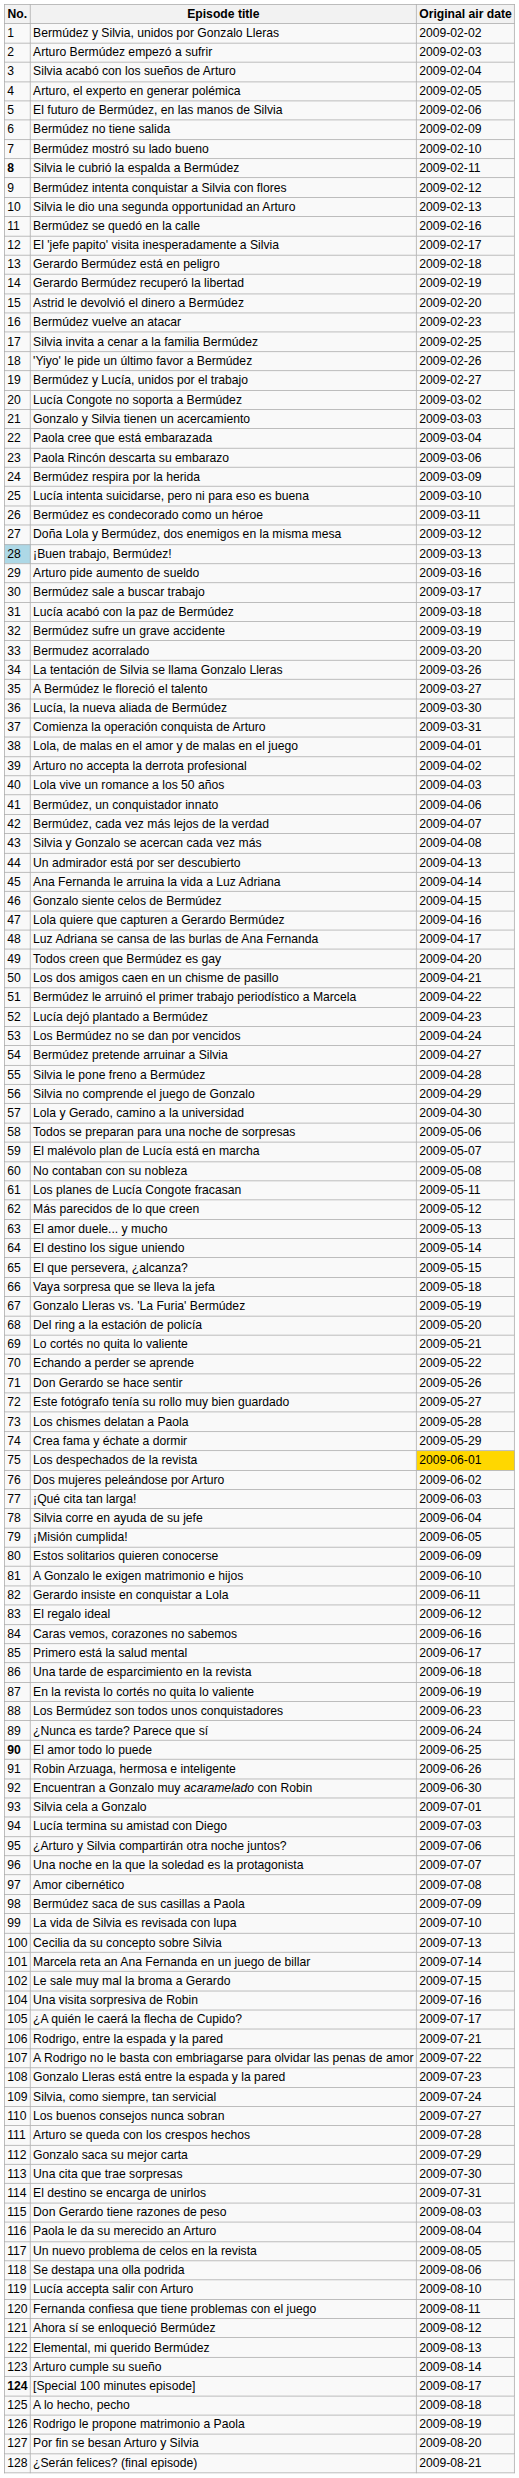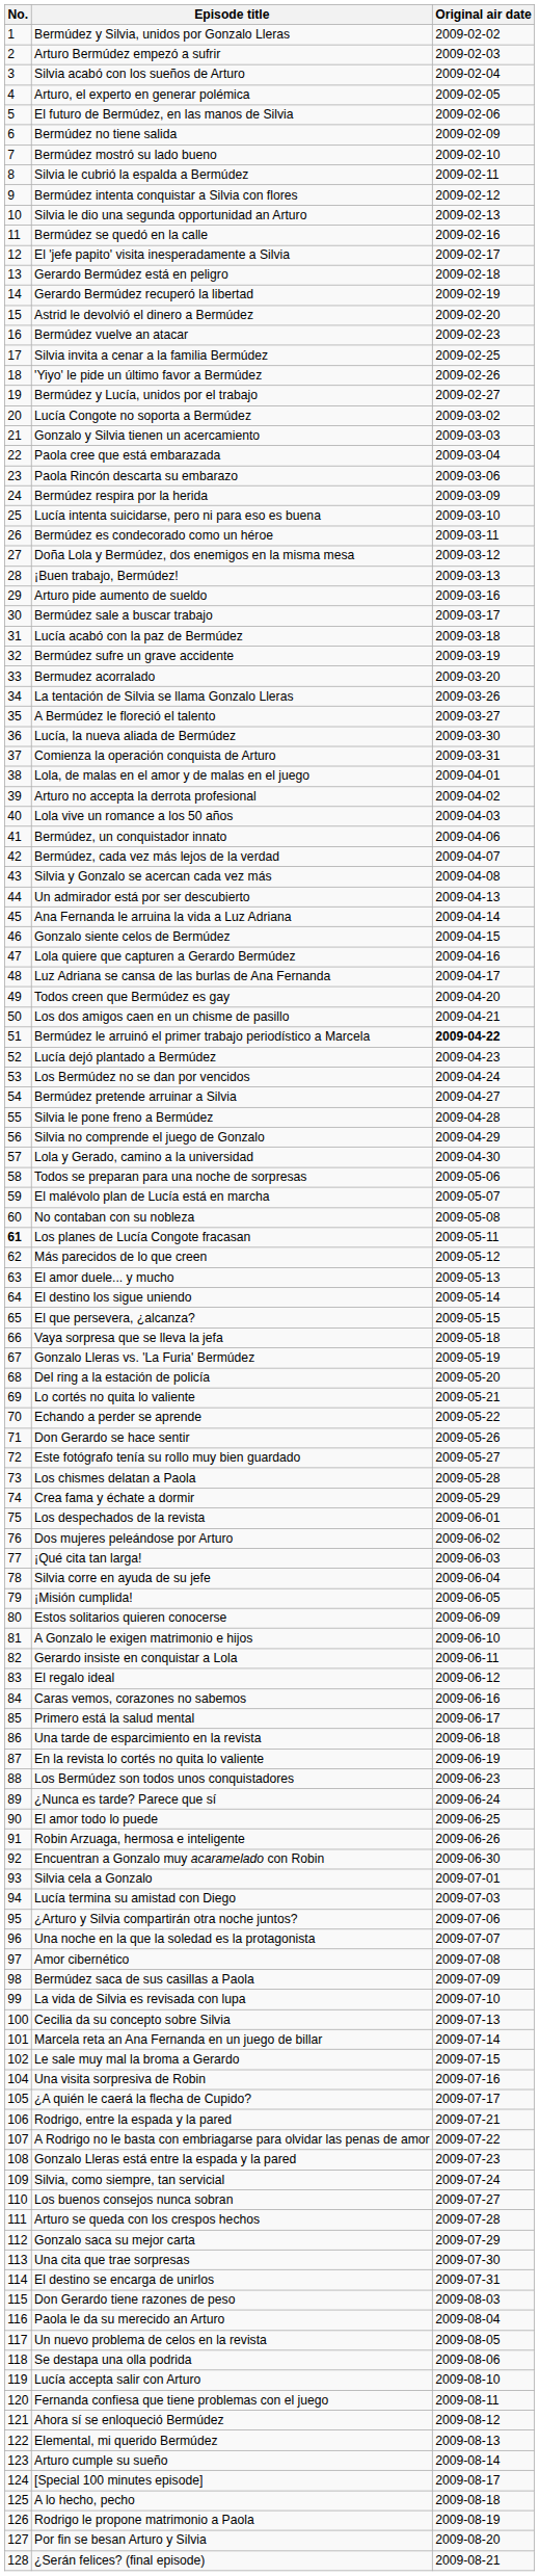 <table class="wikitable" border="1">
 <tr>
 <th>No.</th>
 <th>Episode title</th>
 <th>Original air date</th>
 </tr>
 <tr>
 <td>1</td>
 <td>Bermúdez y Silvia, unidos por Gonzalo Lleras</td>
 <td>2009-02-02</td>
 </tr>
 <tr>
 <td>2</td>
 <td>Arturo Bermúdez empezó a sufrir</td>
 <td>2009-02-03</td>
 </tr>
 <tr>
 <td>3</td>
 <td>Silvia acabó con los sueños de Arturo</td>
 <td>2009-02-04</td>
 </tr>
 <tr>
 <td>4</td>
 <td>Arturo, el experto en generar polémica</td>
 <td>2009-02-05</td>
 </tr>
 <tr>
 <td>5</td>
 <td>El futuro de Bermúdez, en las manos de Silvia</td>
 <td>2009-02-06</td>
 </tr>
 <tr>
 <td>6</td>
 <td>Bermúdez no tiene salida</td>
 <td>2009-02-09</td>
 </tr>
 <tr>
 <td>7</td>
 <td>Bermúdez mostró su lado bueno</td>
 <td>2009-02-10</td>
 </tr>
 <tr>
-<td><strong>8</strong></td>
+<td>8</td>
 <td>Silvia le cubrió la espalda a Bermúdez</td>
 <td>2009-02-11</td>
 </tr>
 <tr>
 <td>9</td>
 <td>Bermúdez intenta conquistar a Silvia con flores</td>
 <td>2009-02-12</td>
 </tr>
 <tr>
 <td>10</td>
 <td>Silvia le dio una segunda opportunidad an Arturo</td>
 <td>2009-02-13</td>
 </tr>
 <tr>
 <td>11</td>
 <td>Bermúdez se quedó en la calle</td>
 <td>2009-02-16</td>
 </tr>
 <tr>
 <td>12</td>
 <td>El 'jefe papito' visita inesperadamente a Silvia</td>
 <td>2009-02-17</td>
 </tr>
 <tr>
 <td>13</td>
 <td>Gerardo Bermúdez está en peligro</td>
 <td>2009-02-18</td>
 </tr>
 <tr>
 <td>14</td>
 <td>Gerardo Bermúdez recuperó la libertad</td>
 <td>2009-02-19</td>
 </tr>
 <tr>
 <td>15</td>
 <td>Astrid le devolvió el dinero a Bermúdez</td>
 <td>2009-02-20</td>
 </tr>
 <tr>
 <td>16</td>
 <td>Bermúdez vuelve an atacar</td>
 <td>2009-02-23</td>
 </tr>
 <tr>
 <td>17</td>
 <td>Silvia invita a cenar a la familia Bermúdez</td>
 <td>2009-02-25</td>
 </tr>
 <tr>
 <td>18</td>
 <td>'Yiyo' le pide un último favor a Bermúdez</td>
 <td>2009-02-26</td>
 </tr>
 <tr>
 <td>19</td>
 <td>Bermúdez y Lucía, unidos por el trabajo</td>
 <td>2009-02-27</td>
 </tr>
 <tr>
 <td>20</td>
 <td>Lucía Congote no soporta a Bermúdez</td>
 <td>2009-03-02</td>
 </tr>
 <tr>
 <td>21</td>
 <td>Gonzalo y Silvia tienen un acercamiento</td>
 <td>2009-03-03</td>
 </tr>
 <tr>
 <td>22</td>
 <td>Paola cree que está embarazada</td>
 <td>2009-03-04</td>
 </tr>
 <tr>
 <td>23</td>
 <td>Paola Rincón descarta su embarazo</td>
 <td>2009-03-06</td>
 </tr>
 <tr>
 <td>24</td>
 <td>Bermúdez respira por la herida</td>
 <td>2009-03-09</td>
 </tr>
 <tr>
 <td>25</td>
 <td>Lucía intenta suicidarse, pero ni para eso es buena</td>
 <td>2009-03-10</td>
 </tr>
 <tr>
 <td>26</td>
 <td>Bermúdez es condecorado como un héroe</td>
 <td>2009-03-11</td>
 </tr>
 <tr>
 <td>27</td>
 <td>Doña Lola y Bermúdez, dos enemigos en la misma mesa</td>
 <td>2009-03-12</td>
 </tr>
 <tr>
-<td style="background: lightblue;">28</td>
+<td>28</td>
 <td>¡Buen trabajo, Bermúdez!</td>
 <td>2009-03-13</td>
 </tr>
 <tr>
 <td>29</td>
 <td>Arturo pide aumento de sueldo</td>
 <td>2009-03-16</td>
 </tr>
 <tr>
 <td>30</td>
 <td>Bermúdez sale a buscar trabajo</td>
 <td>2009-03-17</td>
 </tr>
 <tr>
 <td>31</td>
 <td>Lucía acabó con la paz de Bermúdez</td>
 <td>2009-03-18</td>
 </tr>
 <tr>
 <td>32</td>
 <td>Bermúdez sufre un grave accidente</td>
 <td>2009-03-19</td>
 </tr>
 <tr>
 <td>33</td>
 <td>Bermudez acorralado</td>
 <td>2009-03-20</td>
 </tr>
 <tr>
 <td>34</td>
 <td>La tentación de Silvia se llama Gonzalo Lleras</td>
 <td>2009-03-26</td>
 </tr>
 <tr>
 <td>35</td>
 <td>A Bermúdez le floreció el talento</td>
 <td>2009-03-27</td>
 </tr>
 <tr>
 <td>36</td>
 <td>Lucía, la nueva aliada de Bermúdez</td>
 <td>2009-03-30</td>
 </tr>
 <tr>
 <td>37</td>
 <td>Comienza la operación conquista de Arturo</td>
 <td>2009-03-31</td>
 </tr>
 <tr>
 <td>38</td>
 <td>Lola, de malas en el amor y de malas en el juego</td>
 <td>2009-04-01</td>
 </tr>
 <tr>
 <td>39</td>
 <td>Arturo no accepta la derrota profesional</td>
 <td>2009-04-02</td>
 </tr>
 <tr>
 <td>40</td>
 <td>Lola vive un romance a los 50 años</td>
 <td>2009-04-03</td>
 </tr>
 <tr>
 <td>41</td>
 <td>Bermúdez, un conquistador innato</td>
 <td>2009-04-06</td>
 </tr>
 <tr>
 <td>42</td>
 <td>Bermúdez, cada vez más lejos de la verdad</td>
 <td>2009-04-07</td>
 </tr>
 <tr>
 <td>43</td>
 <td>Silvia y Gonzalo se acercan cada vez más</td>
 <td>2009-04-08</td>
 </tr>
 <tr>
 <td>44</td>
 <td>Un admirador está por ser descubierto</td>
 <td>2009-04-13</td>
 </tr>
 <tr>
 <td>45</td>
 <td>Ana Fernanda le arruina la vida a Luz Adriana</td>
 <td>2009-04-14</td>
 </tr>
 <tr>
 <td>46</td>
 <td>Gonzalo siente celos de Bermúdez</td>
 <td>2009-04-15</td>
 </tr>
 <tr>
 <td>47</td>
 <td>Lola quiere que capturen a Gerardo Bermúdez</td>
 <td>2009-04-16</td>
 </tr>
 <tr>
 <td>48</td>
 <td>Luz Adriana se cansa de las burlas de Ana Fernanda</td>
 <td>2009-04-17</td>
 </tr>
 <tr>
 <td>49</td>
 <td>Todos creen que Bermúdez es gay</td>
 <td>2009-04-20</td>
 </tr>
 <tr>
 <td>50</td>
 <td>Los dos amigos caen en un chisme de pasillo</td>
 <td>2009-04-21</td>
 </tr>
 <tr>
 <td>51</td>
 <td>Bermúdez le arruinó el primer trabajo periodístico a Marcela</td>
-<td>2009-04-22</td>
+<td><strong>2009-04-22</strong></td>
 </tr>
 <tr>
 <td>52</td>
 <td>Lucía dejó plantado a Bermúdez</td>
 <td>2009-04-23</td>
 </tr>
 <tr>
 <td>53</td>
 <td>Los Bermúdez no se dan por vencidos</td>
 <td>2009-04-24</td>
 </tr>
 <tr>
 <td>54</td>
 <td>Bermúdez pretende arruinar a Silvia</td>
 <td>2009-04-27</td>
 </tr>
 <tr>
 <td>55</td>
 <td>Silvia le pone freno a Bermúdez</td>
 <td>2009-04-28</td>
 </tr>
 <tr>
 <td>56</td>
 <td>Silvia no comprende el juego de Gonzalo</td>
 <td>2009-04-29</td>
 </tr>
 <tr>
 <td>57</td>
 <td>Lola y Gerado, camino a la universidad</td>
 <td>2009-04-30</td>
 </tr>
 <tr>
 <td>58</td>
 <td>Todos se preparan para una noche de sorpresas</td>
 <td>2009-05-06</td>
 </tr>
 <tr>
 <td>59</td>
 <td>El malévolo plan de Lucía está en marcha</td>
 <td>2009-05-07</td>
 </tr>
 <tr>
 <td>60</td>
 <td>No contaban con su nobleza</td>
 <td>2009-05-08</td>
 </tr>
 <tr>
-<td>61</td>
+<td><strong>61</strong></td>
 <td>Los planes de Lucía Congote fracasan</td>
 <td>2009-05-11</td>
 </tr>
 <tr>
 <td>62</td>
 <td>Más parecidos de lo que creen</td>
 <td>2009-05-12</td>
 </tr>
 <tr>
 <td>63</td>
 <td>El amor duele... y mucho</td>
 <td>2009-05-13</td>
 </tr>
 <tr>
 <td>64</td>
 <td>El destino los sigue uniendo</td>
 <td>2009-05-14</td>
 </tr>
 <tr>
 <td>65</td>
 <td>El que persevera, ¿alcanza?</td>
 <td>2009-05-15</td>
 </tr>
 <tr>
 <td>66</td>
 <td>Vaya sorpresa que se lleva la jefa</td>
 <td>2009-05-18</td>
 </tr>
 <tr>
 <td>67</td>
 <td>Gonzalo Lleras vs. 'La Furia' Bermúdez</td>
 <td>2009-05-19</td>
 </tr>
 <tr>
 <td>68</td>
 <td>Del ring a la estación de policía</td>
 <td>2009-05-20</td>
 </tr>
 <tr>
 <td>69</td>
 <td>Lo cortés no quita lo valiente</td>
 <td>2009-05-21</td>
 </tr>
 <tr>
 <td>70</td>
 <td>Echando a perder se aprende</td>
 <td>2009-05-22</td>
 </tr>
 <tr>
 <td>71</td>
 <td>Don Gerardo se hace sentir</td>
 <td>2009-05-26</td>
 </tr>
 <tr>
 <td>72</td>
 <td>Este fotógrafo tenía su rollo muy bien guardado</td>
 <td>2009-05-27</td>
 </tr>
 <tr>
 <td>73</td>
 <td>Los chismes delatan a Paola</td>
 <td>2009-05-28</td>
 </tr>
 <tr>
 <td>74</td>
 <td>Crea fama y échate a dormir</td>
 <td>2009-05-29</td>
 </tr>
 <tr>
 <td>75</td>
 <td>Los despechados de la revista</td>
-<td style="background: gold;">2009-06-01</td>
+<td>2009-06-01</td>
 </tr>
 <tr>
 <td>76</td>
 <td>Dos mujeres peleándose por Arturo</td>
 <td>2009-06-02</td>
 </tr>
 <tr>
 <td>77</td>
 <td>¡Qué cita tan larga!</td>
 <td>2009-06-03</td>
 </tr>
 <tr>
 <td>78</td>
 <td>Silvia corre en ayuda de su jefe</td>
 <td>2009-06-04</td>
 </tr>
 <tr>
 <td>79</td>
 <td>¡Misión cumplida!</td>
 <td>2009-06-05</td>
 </tr>
 <tr>
 <td>80</td>
 <td>Estos solitarios quieren conocerse</td>
 <td>2009-06-09</td>
 </tr>
 <tr>
 <td>81</td>
 <td>A Gonzalo le exigen matrimonio e hijos</td>
 <td>2009-06-10</td>
 </tr>
 <tr>
 <td>82</td>
 <td>Gerardo insiste en conquistar a Lola</td>
 <td>2009-06-11</td>
 </tr>
 <tr>
 <td>83</td>
 <td>El regalo ideal</td>
 <td>2009-06-12</td>
 </tr>
 <tr>
 <td>84</td>
 <td>Caras vemos, corazones no sabemos</td>
 <td>2009-06-16</td>
 </tr>
 <tr>
 <td>85</td>
 <td>Primero está la salud mental</td>
 <td>2009-06-17</td>
 </tr>
 <tr>
 <td>86</td>
 <td>Una tarde de esparcimiento en la revista</td>
 <td>2009-06-18</td>
 </tr>
 <tr>
 <td>87</td>
 <td>En la revista lo cortés no quita lo valiente</td>
 <td>2009-06-19</td>
 </tr>
 <tr>
 <td>88</td>
 <td>Los Bermúdez son todos unos conquistadores</td>
 <td>2009-06-23</td>
 </tr>
 <tr>
 <td>89</td>
 <td>¿Nunca es tarde? Parece que sí</td>
 <td>2009-06-24</td>
 </tr>
 <tr>
-<td><strong>90</strong></td>
+<td>90</td>
 <td>El amor todo lo puede</td>
 <td>2009-06-25</td>
 </tr>
 <tr>
 <td>91</td>
 <td>Robin Arzuaga, hermosa e inteligente</td>
 <td>2009-06-26</td>
 </tr>
 <tr>
 <td>92</td>
 <td>Encuentran a Gonzalo muy <em>acaramelado</em> con Robin</td>
 <td>2009-06-30</td>
 </tr>
 <tr>
 <td>93</td>
 <td>Silvia cela a Gonzalo</td>
 <td>2009-07-01</td>
 </tr>
 <tr>
 <td>94</td>
 <td>Lucía termina su amistad con Diego</td>
 <td>2009-07-03</td>
 </tr>
 <tr>
 <td>95</td>
 <td>¿Arturo y Silvia compartirán otra noche juntos?</td>
 <td>2009-07-06</td>
 </tr>
 <tr>
 <td>96</td>
 <td>Una noche en la que la soledad es la protagonista</td>
 <td>2009-07-07</td>
 </tr>
 <tr>
 <td>97</td>
 <td>Amor cibernético</td>
 <td>2009-07-08</td>
 </tr>
 <tr>
 <td>98</td>
 <td>Bermúdez saca de sus casillas a Paola</td>
 <td>2009-07-09</td>
 </tr>
 <tr>
 <td>99</td>
 <td>La vida de Silvia es revisada con lupa</td>
 <td>2009-07-10</td>
 </tr>
 <tr>
 <td>100</td>
 <td>Cecilia da su concepto sobre Silvia</td>
 <td>2009-07-13</td>
 </tr>
 <tr>
 <td>101</td>
 <td>Marcela reta an Ana Fernanda en un juego de billar</td>
 <td>2009-07-14</td>
 </tr>
 <tr>
 <td>102</td>
 <td>Le sale muy mal la broma a Gerardo</td>
 <td>2009-07-15</td>
 </tr>
 <tr>
 <td>104</td>
 <td>Una visita sorpresiva de Robin</td>
 <td>2009-07-16</td>
 </tr>
 <tr>
 <td>105</td>
 <td>¿A quién le caerá la flecha de Cupido?</td>
 <td>2009-07-17</td>
 </tr>
 <tr>
 <td>106</td>
 <td>Rodrigo, entre la espada y la pared</td>
 <td>2009-07-21</td>
 </tr>
 <tr>
 <td>107</td>
 <td>A Rodrigo no le basta con embriagarse para olvidar las penas de amor</td>
 <td>2009-07-22</td>
 </tr>
 <tr>
 <td>108</td>
 <td>Gonzalo Lleras está entre la espada y la pared</td>
 <td>2009-07-23</td>
 </tr>
 <tr>
 <td>109</td>
 <td>Silvia, como siempre, tan servicial</td>
 <td>2009-07-24</td>
 </tr>
 <tr>
 <td>110</td>
 <td>Los buenos consejos nunca sobran</td>
 <td>2009-07-27</td>
 </tr>
 <tr>
 <td>111</td>
 <td>Arturo se queda con los crespos hechos</td>
 <td>2009-07-28</td>
 </tr>
 <tr>
 <td>112</td>
 <td>Gonzalo saca su mejor carta</td>
 <td>2009-07-29</td>
 </tr>
 <tr>
 <td>113</td>
 <td>Una cita que trae sorpresas</td>
 <td>2009-07-30</td>
 </tr>
 <tr>
 <td>114</td>
 <td>El destino se encarga de unirlos</td>
 <td>2009-07-31</td>
 </tr>
 <tr>
 <td>115</td>
 <td>Don Gerardo tiene razones de peso</td>
 <td>2009-08-03</td>
 </tr>
 <tr>
 <td>116</td>
 <td>Paola le da su merecido an Arturo</td>
 <td>2009-08-04</td>
 </tr>
 <tr>
 <td>117</td>
 <td>Un nuevo problema de celos en la revista</td>
 <td>2009-08-05</td>
 </tr>
 <tr>
 <td>118</td>
 <td>Se destapa una olla podrida</td>
 <td>2009-08-06</td>
 </tr>
 <tr>
 <td>119</td>
 <td>Lucía accepta salir con Arturo</td>
 <td>2009-08-10</td>
 </tr>
 <tr>
 <td>120</td>
 <td>Fernanda confiesa que tiene problemas con el juego</td>
 <td>2009-08-11</td>
 </tr>
 <tr>
 <td>121</td>
 <td>Ahora sí se enloqueció Bermúdez</td>
 <td>2009-08-12</td>
 </tr>
 <tr>
 <td>122</td>
 <td>Elemental, mi querido Bermúdez</td>
 <td>2009-08-13</td>
 </tr>
 <tr>
 <td>123</td>
 <td>Arturo cumple su sueño</td>
 <td>2009-08-14</td>
 </tr>
 <tr>
-<td><strong>124</strong></td>
+<td>124</td>
 <td>[Special 100 minutes episode]</td>
 <td>2009-08-17</td>
 </tr>
 <tr>
 <td>125</td>
 <td>A lo hecho, pecho</td>
 <td>2009-08-18</td>
 </tr>
 <tr>
 <td>126</td>
 <td>Rodrigo le propone matrimonio a Paola</td>
 <td>2009-08-19</td>
 </tr>
 <tr>
 <td>127</td>
 <td>Por fin se besan Arturo y Silvia</td>
 <td>2009-08-20</td>
 </tr>
 <tr>
 <td>128</td>
 <td>¿Serán felices? (final episode)</td>
 <td>2009-08-21</td>
 </tr>
 </table>
